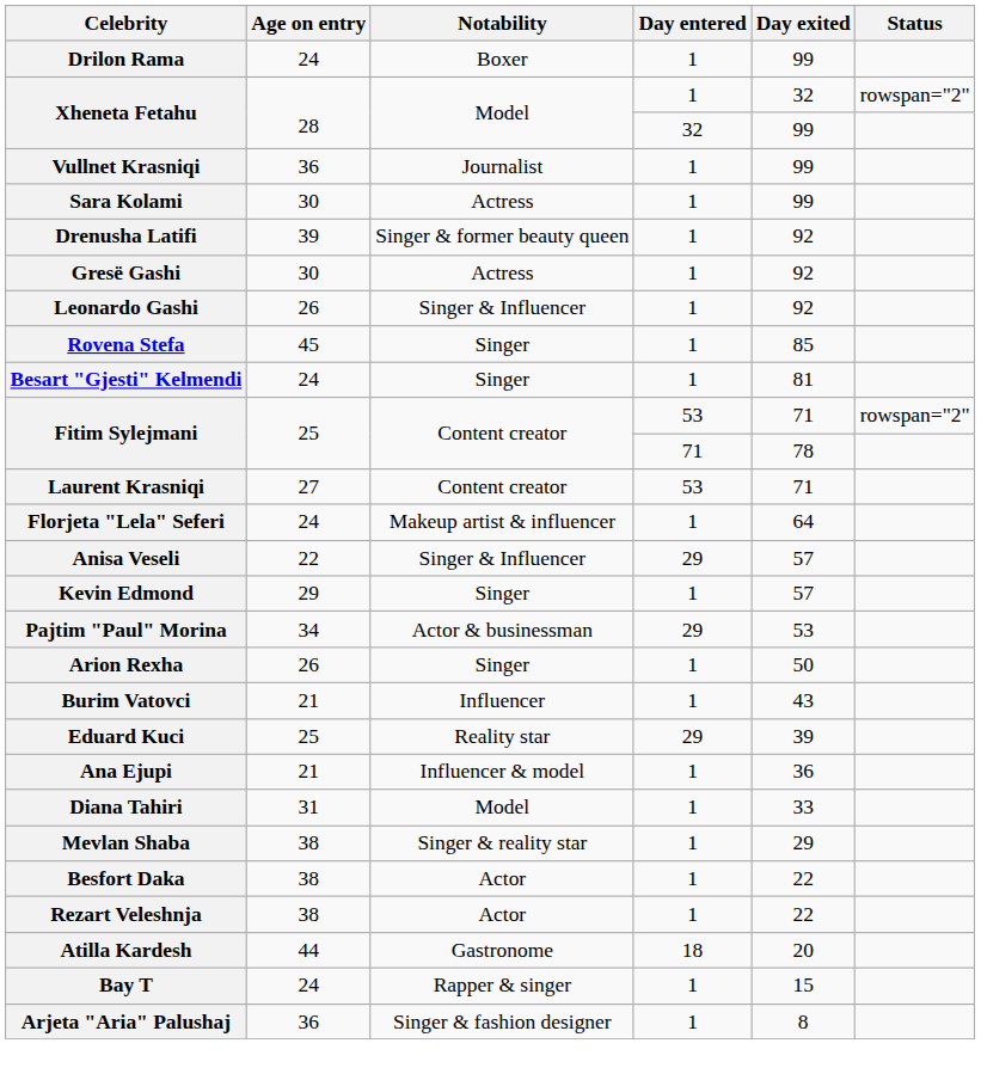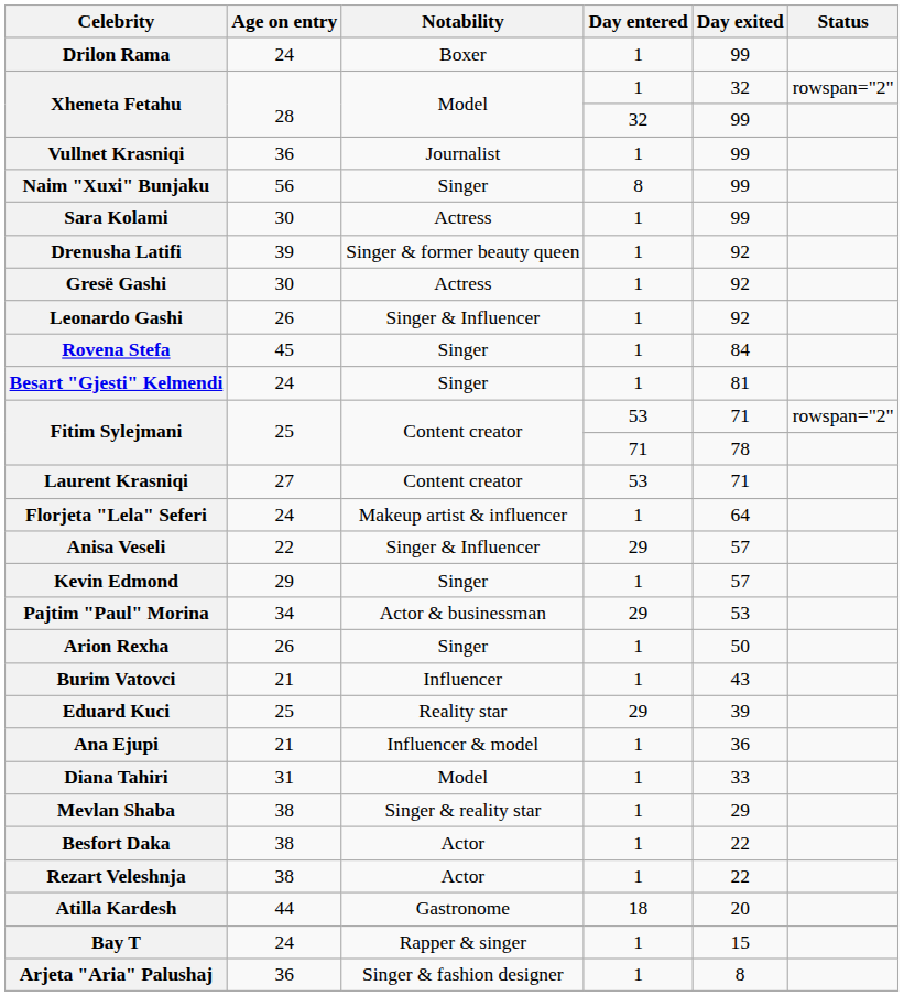 <table class="wikitable sortable" style="text-align:left; line-height:20px; width:auto;">
 <tr>
 <th scope="col">Celebrity</th>
 <th scope="col">Age on entry</th>
 <th scope="col">Notability</th>
 <th scope="col">Day entered</th>
 <th scope="col">Day exited</th>
 <th scope="col">Status</th>
 </tr>
 <tr>
 <th scope="row">Drilon Rama</th>
 <td align="center">24</td>
 <td align="center">Boxer</td>
 <td align="center">1</td>
 <td align="center">99</td>
 <td></td>
 </tr>
 <tr>
 <th scope="row" rowspan="2">Xheneta Fetahu</th>
 <td align="center" rowspan="2"><br>28</td>
 <td align="center" rowspan="2">Model</td>
 <td align="center">1</td>
 <td align="center">32</td>
 <td>rowspan="2" </td>
 </tr>
 <tr>
 <td align="center">32</td>
 <td align="center">99</td>
 </tr>
 <tr>
 <th scope="row">Vullnet Krasniqi</th>
 <td align="center">36</td>
 <td align="center">Journalist</td>
 <td align="center">1</td>
+<td align="center">99</td>
+<td></td>
+</tr>
+<tr>
+<th scope="row">Naim "Xuxi" Bunjaku</th>
+<td align="center">56</td>
+<td align="center">Singer</td>
+<td align="center">8</td>
 <td align="center">99</td>
 <td></td>
 </tr>
 <tr>
 <th scope="row">Sara Kolami</th>
 <td align="center">30</td>
 <td align="center">Actress</td>
 <td align="center">1</td>
 <td align="center">99</td>
 <td></td>
 </tr>
 <tr>
 <th scope="row">Drenusha Latifi</th>
 <td align="center">39</td>
 <td align="center">Singer & former beauty queen</td>
 <td align="center">1</td>
 <td align="center">92</td>
 <td></td>
 </tr>
 <tr>
 <th scope="row">Gresë Gashi</th>
 <td align="center">30</td>
 <td align="center">Actress</td>
 <td align="center">1</td>
 <td align="center">92</td>
 <td></td>
 </tr>
 <tr>
 <th scope="row">Leonardo Gashi</th>
 <td align="center">26</td>
 <td align="center">Singer & Influencer</td>
 <td align="center">1</td>
 <td align="center">92</td>
 <td></td>
 </tr>
 <tr>
 <th scope="row"><a href='#'>Rovena Stefa</a></th>
 <td align="center">45</td>
 <td align="center">Singer</td>
 <td align="center">1</td>
-<td align="center">85</td>
+<td align="center">84</td>
 <td></td>
 </tr>
 <tr>
 <th scope="row"><a href='#'>Besart "Gjesti" Kelmendi</a></th>
 <td align="center">24</td>
 <td align="center">Singer</td>
 <td align="center">1</td>
 <td align="center">81</td>
 <td></td>
 </tr>
 <tr>
 <th scope="row" rowspan="2">Fitim Sylejmani</th>
 <td align="center" rowspan="2">25</td>
 <td align="center" rowspan="2">Content creator</td>
 <td align="center">53</td>
 <td align="center">71</td>
 <td>rowspan="2" </td>
 </tr>
 <tr>
 <td align="center">71</td>
 <td align="center">78</td>
 </tr>
 <tr>
 <th scope="row">Laurent Krasniqi</th>
 <td align="center">27</td>
 <td align="center">Content creator</td>
 <td align="center">53</td>
 <td align="center">71</td>
 <td></td>
 </tr>
 <tr>
 <th scope="row">Florjeta "Lela" Seferi</th>
 <td align="center">24</td>
 <td align="center">Makeup artist & influencer</td>
 <td align="center">1</td>
 <td align="center">64</td>
 <td></td>
 </tr>
 <tr>
 <th scope="row">Anisa Veseli</th>
 <td align="center">22</td>
 <td align="center">Singer & Influencer</td>
 <td align="center">29</td>
 <td align="center">57</td>
 <td></td>
 </tr>
 <tr>
 <th scope="row">Kevin Edmond</th>
 <td align="center">29</td>
 <td align="center">Singer</td>
 <td align="center">1</td>
 <td align="center">57</td>
 <td></td>
 </tr>
 <tr>
 <th scope="row">Pajtim "Paul" Morina</th>
 <td align="center">34</td>
 <td align="center">Actor & businessman</td>
 <td align="center">29</td>
 <td align="center">53</td>
 <td></td>
 </tr>
 <tr>
 <th scope="row">Arion Rexha</th>
 <td align="center">26</td>
 <td align="center">Singer</td>
 <td align="center">1</td>
 <td align="center">50</td>
 <td></td>
 </tr>
 <tr>
 <th scope="row">Burim Vatovci</th>
 <td align="center">21</td>
 <td align="center">Influencer</td>
 <td align="center">1</td>
 <td align="center">43</td>
 <td></td>
 </tr>
 <tr>
 <th scope="row">Eduard Kuci</th>
 <td align="center">25</td>
 <td align="center">Reality star</td>
 <td align="center">29</td>
 <td align="center">39</td>
 <td></td>
 </tr>
 <tr>
 <th scope="row">Ana Ejupi</th>
 <td align="center">21</td>
 <td align="center">Influencer & model</td>
 <td align="center">1</td>
 <td align="center">36</td>
 <td></td>
 </tr>
 <tr>
 <th scope="row">Diana Tahiri</th>
 <td align="center">31</td>
 <td align="center">Model</td>
 <td align="center">1</td>
 <td align="center">33</td>
 <td></td>
 </tr>
 <tr>
 <th scope="row">Mevlan Shaba</th>
 <td align="center">38</td>
 <td align="center">Singer & reality star</td>
 <td align="center">1</td>
 <td align="center">29</td>
 <td></td>
 </tr>
 <tr>
 <th scope="row">Besfort Daka</th>
 <td align="center">38</td>
 <td align="center">Actor</td>
 <td align="center">1</td>
 <td align="center">22</td>
 <td></td>
 </tr>
 <tr>
 <th scope="row">Rezart Veleshnja</th>
 <td align="center">38</td>
 <td align="center">Actor</td>
 <td align="center">1</td>
 <td align="center">22</td>
 <td></td>
 </tr>
 <tr>
 <th scope="row">Atilla Kardesh</th>
 <td align="center">44</td>
 <td align="center">Gastronome</td>
 <td align="center">18</td>
 <td align="center">20</td>
 <td></td>
 </tr>
 <tr>
 <th scope="row">Bay T</th>
 <td align="center">24</td>
 <td align="center">Rapper & singer</td>
 <td align="center">1</td>
 <td align="center">15</td>
 <td></td>
 </tr>
 <tr>
 <th scope="row">Arjeta "Aria" Palushaj</th>
 <td align="center">36</td>
 <td align="center">Singer & fashion designer</td>
 <td align="center">1</td>
 <td align="center">8</td>
 <td></td>
 </tr>
 <tr>
 </tr>
 </table>
